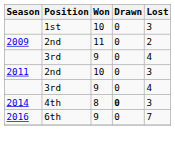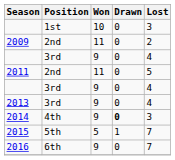 <table class="wikitable collapsible">
 <tr>
 <th>Season</th>
 <th>Position</th>
 <th>Won</th>
 <th>Drawn</th>
 <th>Lost</th>
 </tr>
 <tr style="background-color:#">
 <td></td>
 <td>1st</td>
 <td>10</td>
 <td>0</td>
 <td>3</td>
 </tr>
 <tr>
 <td><a href='#'>2009</a></td>
 <td>2nd</td>
 <td>11</td>
 <td>0</td>
 <td>2</td>
 </tr>
 <tr style="background-color:#">
 <td></td>
 <td>3rd</td>
 <td>9</td>
 <td>0</td>
 <td>4</td>
 </tr>
 <tr>
 <td><a href='#'>2011</a></td>
 <td>2nd</td>
-<td>10</td>
+<td>11</td>
 <td>0</td>
-<td>3</td>
+<td>5</td>
 </tr>
 <tr style="background-color:#">
 <td></td>
 <td>3rd</td>
 <td>9</td>
 <td>0</td>
 <td>4</td>
 </tr>
 <tr>
+<td><a href='#'>2013</a></td>
+<td>3rd</td>
+<td>9</td>
+<td>0</td>
+<td>4</td>
+</tr>
+<tr>
 <td><a href='#'>2014</a></td>
 <td>4th</td>
-<td>8</td>
+<td>9</td>
 <td><strong>0</strong></td>
 <td>3</td>
+</tr>
+<tr>
+<td><a href='#'>2015</a></td>
+<td>5th</td>
+<td>5</td>
+<td>1</td>
+<td>7</td>
 </tr>
 <tr>
 <td><a href='#'>2016</a></td>
 <td>6th</td>
 <td>9</td>
 <td>0</td>
 <td>7</td>
 </tr>
 <tr>
 </tr>
 </table>
